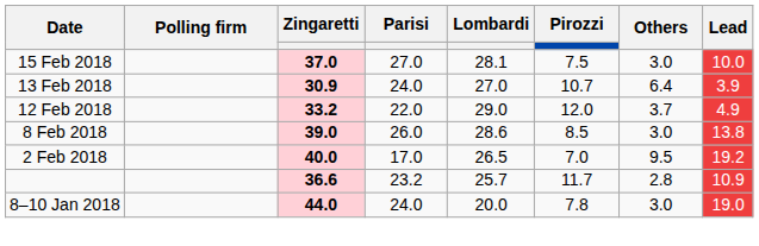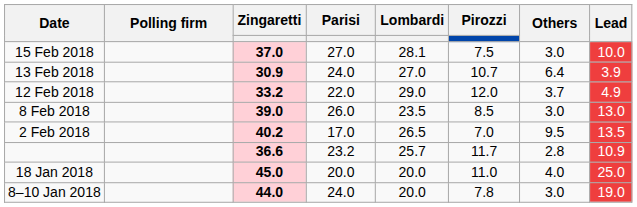 <table class=wikitable style="text-align:center;font-size:85%;line-height:13px">
 <tr style="height:30px; background-color:#E9E9E9">
 <th style="width:100px;" rowspan="2">Date</th>
 <th style="width:130px;" rowspan="2">Polling firm</th>
 <th style="width:65px;">Zingaretti</th>
 <th style="width:65px;">Parisi</th>
 <th style="width:65px;">Lombardi</th>
 <th style="width:65px;">Pirozzi</th>
 <th style="width:65px;" rowspan="2">Others</th>
 <th style="width:35px;" rowspan="2">Lead</th>
 </tr>
 <tr>
 <th style="background:"></th>
 <th style="background:"></th>
 <th style="background:"></th>
 <th style="background:#0045AA;"></th>
 </tr>
 <tr>
 <td>15 Feb 2018</td>
 <td></td>
 <td style="background:#FFD0D7"><strong>37.0</strong></td>
 <td>27.0</td>
 <td>28.1</td>
 <td>7.5</td>
 <td>3.0</td>
 <td style="background:#EF3E3E; color:white;">10.0</td>
 </tr>
 <tr>
 <td>13 Feb 2018</td>
 <td></td>
 <td style="background:#FFD0D7"><strong>30.9</strong></td>
 <td>24.0</td>
 <td>27.0</td>
 <td>10.7</td>
 <td>6.4</td>
 <td style="background:#EF3E3E; color:white;">3.9</td>
 </tr>
 <tr>
 <td>12 Feb 2018</td>
 <td></td>
 <td style="background:#FFD0D7"><strong>33.2</strong></td>
 <td>22.0</td>
 <td>29.0</td>
 <td>12.0</td>
 <td>3.7</td>
 <td style="background:#EF3E3E; color:white;">4.9</td>
 </tr>
 <tr>
 <td>8 Feb 2018</td>
 <td></td>
 <td style="background:#FFD0D7"><strong>39.0</strong></td>
 <td>26.0</td>
-<td>28.6</td>
+<td>23.5</td>
 <td>8.5</td>
 <td>3.0</td>
-<td style="background:#EF3E3E; color:white;">13.8</td>
+<td style="background:#EF3E3E; color:white;">13.0</td>
 </tr>
 <tr>
 <td>2 Feb 2018</td>
 <td></td>
-<td style="background:#FFD0D7"><strong>40.0</strong></td>
+<td style="background:#FFD0D7"><strong>40.2</strong></td>
 <td>17.0</td>
 <td>26.5</td>
 <td>7.0</td>
 <td>9.5</td>
-<td style="background:#EF3E3E; color:white;">19.2</td>
+<td style="background:#EF3E3E; color:white;">13.5</td>
 </tr>
 <tr>
 <td></td>
 <td></td>
 <td style="background:#FFD0D7"><strong>36.6</strong></td>
 <td>23.2</td>
 <td>25.7</td>
 <td>11.7</td>
 <td>2.8</td>
 <td style="background:#EF3E3E; color:white;">10.9</td>
 </tr>
 <tr>
+<td>18 Jan 2018</td>
+<td></td>
+<td style="background:#FFD0D7"><strong>45.0</strong></td>
+<td>20.0</td>
+<td>20.0</td>
+<td>11.0</td>
+<td>4.0</td>
+<td style="background:#EF3E3E; color:white;">25.0</td>
+</tr>
+<tr>
 <td>8–10 Jan 2018</td>
 <td></td>
 <td style="background:#FFD0D7"><strong>44.0</strong></td>
 <td>24.0</td>
 <td>20.0</td>
 <td>7.8</td>
 <td>3.0</td>
 <td style="background:#EF3E3E; color:white;">19.0</td>
 </tr>
 </table>
